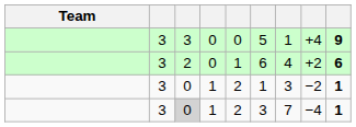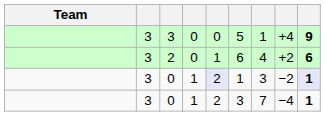 <table class="wikitable" style="text-align:center;">
 <tr>
 <th width=150>Team</th>
 <th width=20 abbr="Played"></th>
 <th width=20 abbr="Won"></th>
 <th width=20 abbr="Drawn"></th>
 <th width=20 abbr="Lost"></th>
 <th width=20 abbr="Goals for"></th>
 <th width=20 abbr="Goals against"></th>
 <th width=20 abbr="Goal difference"></th>
 <th width=20 abbr="Points"></th>
 </tr>
 <tr bgcolor="#ccffcc">
 <td align="left"></td>
 <td>3</td>
 <td>3</td>
 <td>0</td>
 <td>0</td>
 <td>5</td>
 <td>1</td>
 <td>+4</td>
 <td><strong>9</strong></td>
 </tr>
 <tr bgcolor="#ccffcc">
 <td align="left"></td>
 <td>3</td>
 <td>2</td>
 <td>0</td>
 <td>1</td>
 <td>6</td>
 <td>4</td>
 <td>+2</td>
 <td><strong>6</strong></td>
 </tr>
 <tr>
 <td align="left"></td>
 <td>3</td>
 <td>0</td>
 <td>1</td>
-<td>2</td>
+<td style="background: lavender;">2</td>
 <td>1</td>
 <td>3</td>
 <td>−2</td>
-<td><strong>1</strong></td>
+<td style="background: lavender;"><strong>1</strong></td>
 </tr>
 <tr>
 <td align="left"></td>
 <td>3</td>
-<td style="background: lightgrey;">0</td>
+<td>0</td>
 <td>1</td>
 <td>2</td>
 <td>3</td>
 <td>7</td>
 <td>−4</td>
 <td><strong>1</strong></td>
 </tr>
 </table>
